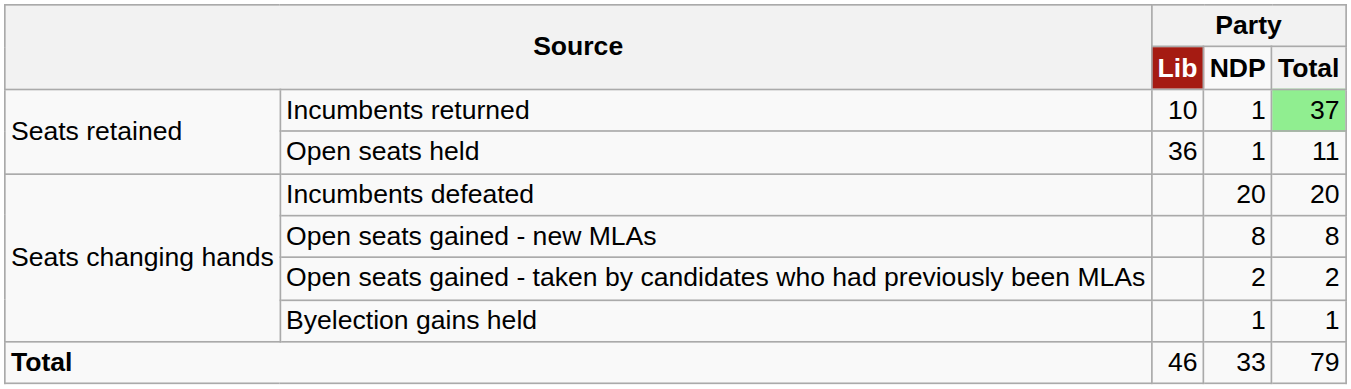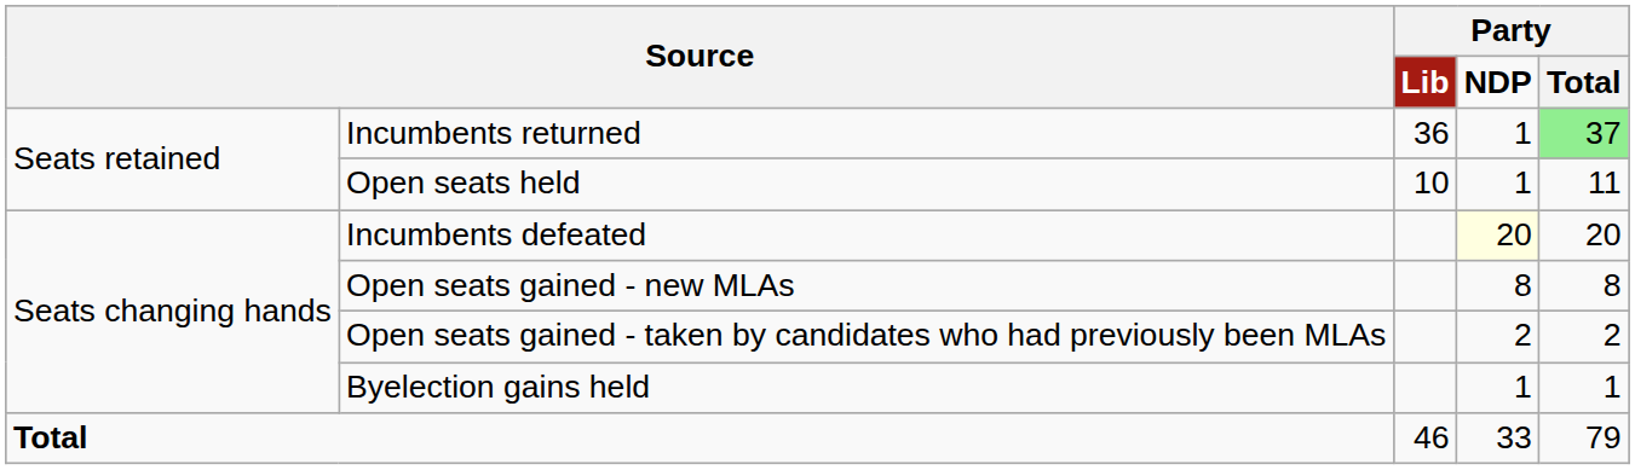 <table class="wikitable" style="text-align:right;">
 <tr>
 <th colspan="2" rowspan="2">Source</th>
 <th colspan="5">Party</th>
 </tr>
 <tr>
 <td style="background: #A51B12; color: white" align="center"><strong>Lib</strong></td>
 <td><strong>NDP</strong></td>
 <th>Total</th>
 </tr>
 <tr>
 <td rowspan="2" style="text-align:left;">Seats retained</td>
 <td style="text-align:left;">Incumbents returned</td>
-<td>10</td>
+<td>36</td>
 <td>1</td>
 <td style="background: lightgreen;">37</td>
 </tr>
 <tr>
 <td style="text-align:left;">Open seats held</td>
-<td>36</td>
+<td>10</td>
 <td>1</td>
 <td>11</td>
 </tr>
 <tr>
 <td rowspan="4" style="text-align:left;">Seats changing hands</td>
 <td style="text-align:left;">Incumbents defeated</td>
 <td></td>
-<td>20</td>
+<td style="background: lightyellow;">20</td>
 <td>20</td>
 </tr>
 <tr>
 <td style="text-align:left;">Open seats gained - new MLAs</td>
 <td></td>
 <td>8</td>
 <td>8</td>
 </tr>
 <tr>
 <td style="text-align:left;">Open seats gained - taken by candidates who had previously been MLAs</td>
 <td></td>
 <td>2</td>
 <td>2</td>
 </tr>
 <tr>
 <td style="text-align:left;">Byelection gains held</td>
 <td></td>
 <td>1</td>
 <td>1</td>
 </tr>
 <tr>
 <td colspan="2" style="text-align:left;"><strong>Total</strong></td>
 <td>46</td>
 <td>33</td>
 <td>79</td>
 </tr>
 </table>
